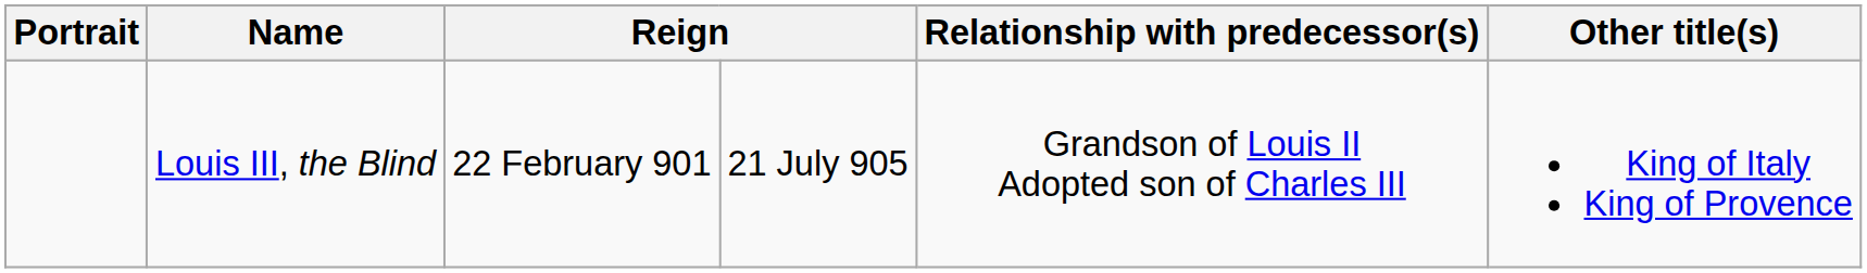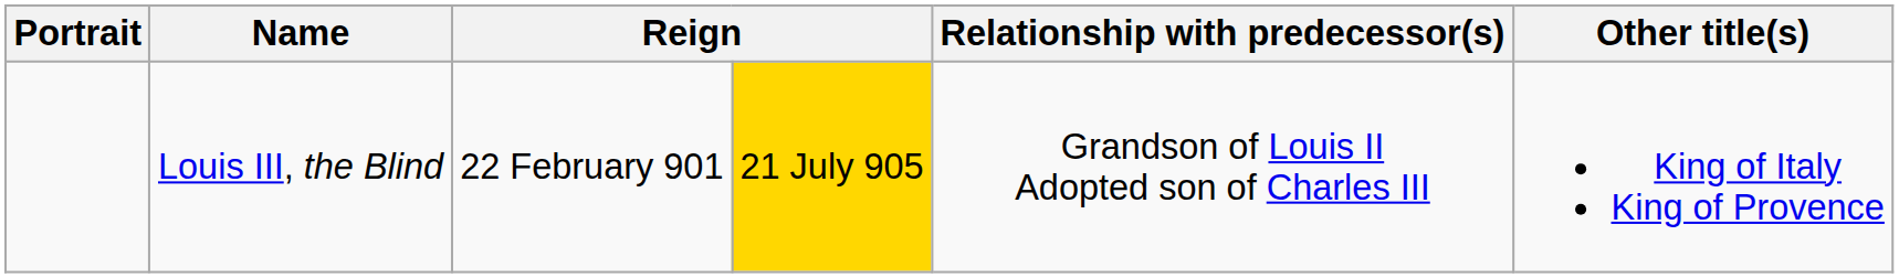 <table class="wikitable" style="text-align:center">
 <tr>
 <th>Portrait</th>
 <th>Name<br></th>
 <th colspan=2>Reign</th>
 <th>Relationship with predecessor(s)</th>
 <th>Other title(s)</th>
 </tr>
 <tr>
 <td></td>
 <td><a href='#'>Louis III</a>, <em>the Blind</em><br></td>
 <td>22 February 901</td>
-<td>21 July 905</td>
+<td style="background: gold;">21 July 905</td>
 <td>Grandson of <a href='#'>Louis II</a><br>Adopted son of <a href='#'>Charles III</a></td>
 <td class=small><br><ul><li><a href='#'>King of Italy</a></li><li><a href='#'>King of Provence</a></li></ul></td>
 </tr>
 </table>
